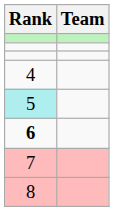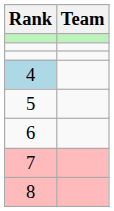 <table class=wikitable style="text-align:center;">
 <tr>
 <th>Rank</th>
 <th>Team</th>
 </tr>
 <tr bgcolor=bbf3bb>
 <td></td>
 <td align=left></td>
 </tr>
 <tr>
 <td></td>
 <td align=left></td>
 </tr>
 <tr>
 <td></td>
 <td align=left></td>
 </tr>
 <tr>
-<td>4</td>
+<td style="background: lightblue;">4</td>
 <td align=left></td>
 </tr>
 <tr>
-<td style="background: paleturquoise;">5</td>
+<td>5</td>
 <td align=left></td>
 </tr>
 <tr>
-<td><strong>6</strong></td>
+<td>6</td>
 <td align=left></td>
 </tr>
 <tr bgcolor=ffbbbb>
 <td>7</td>
 <td align=left></td>
 </tr>
 <tr bgcolor=ffbbbb>
 <td>8</td>
 <td align=left></td>
 </tr>
 </table>
